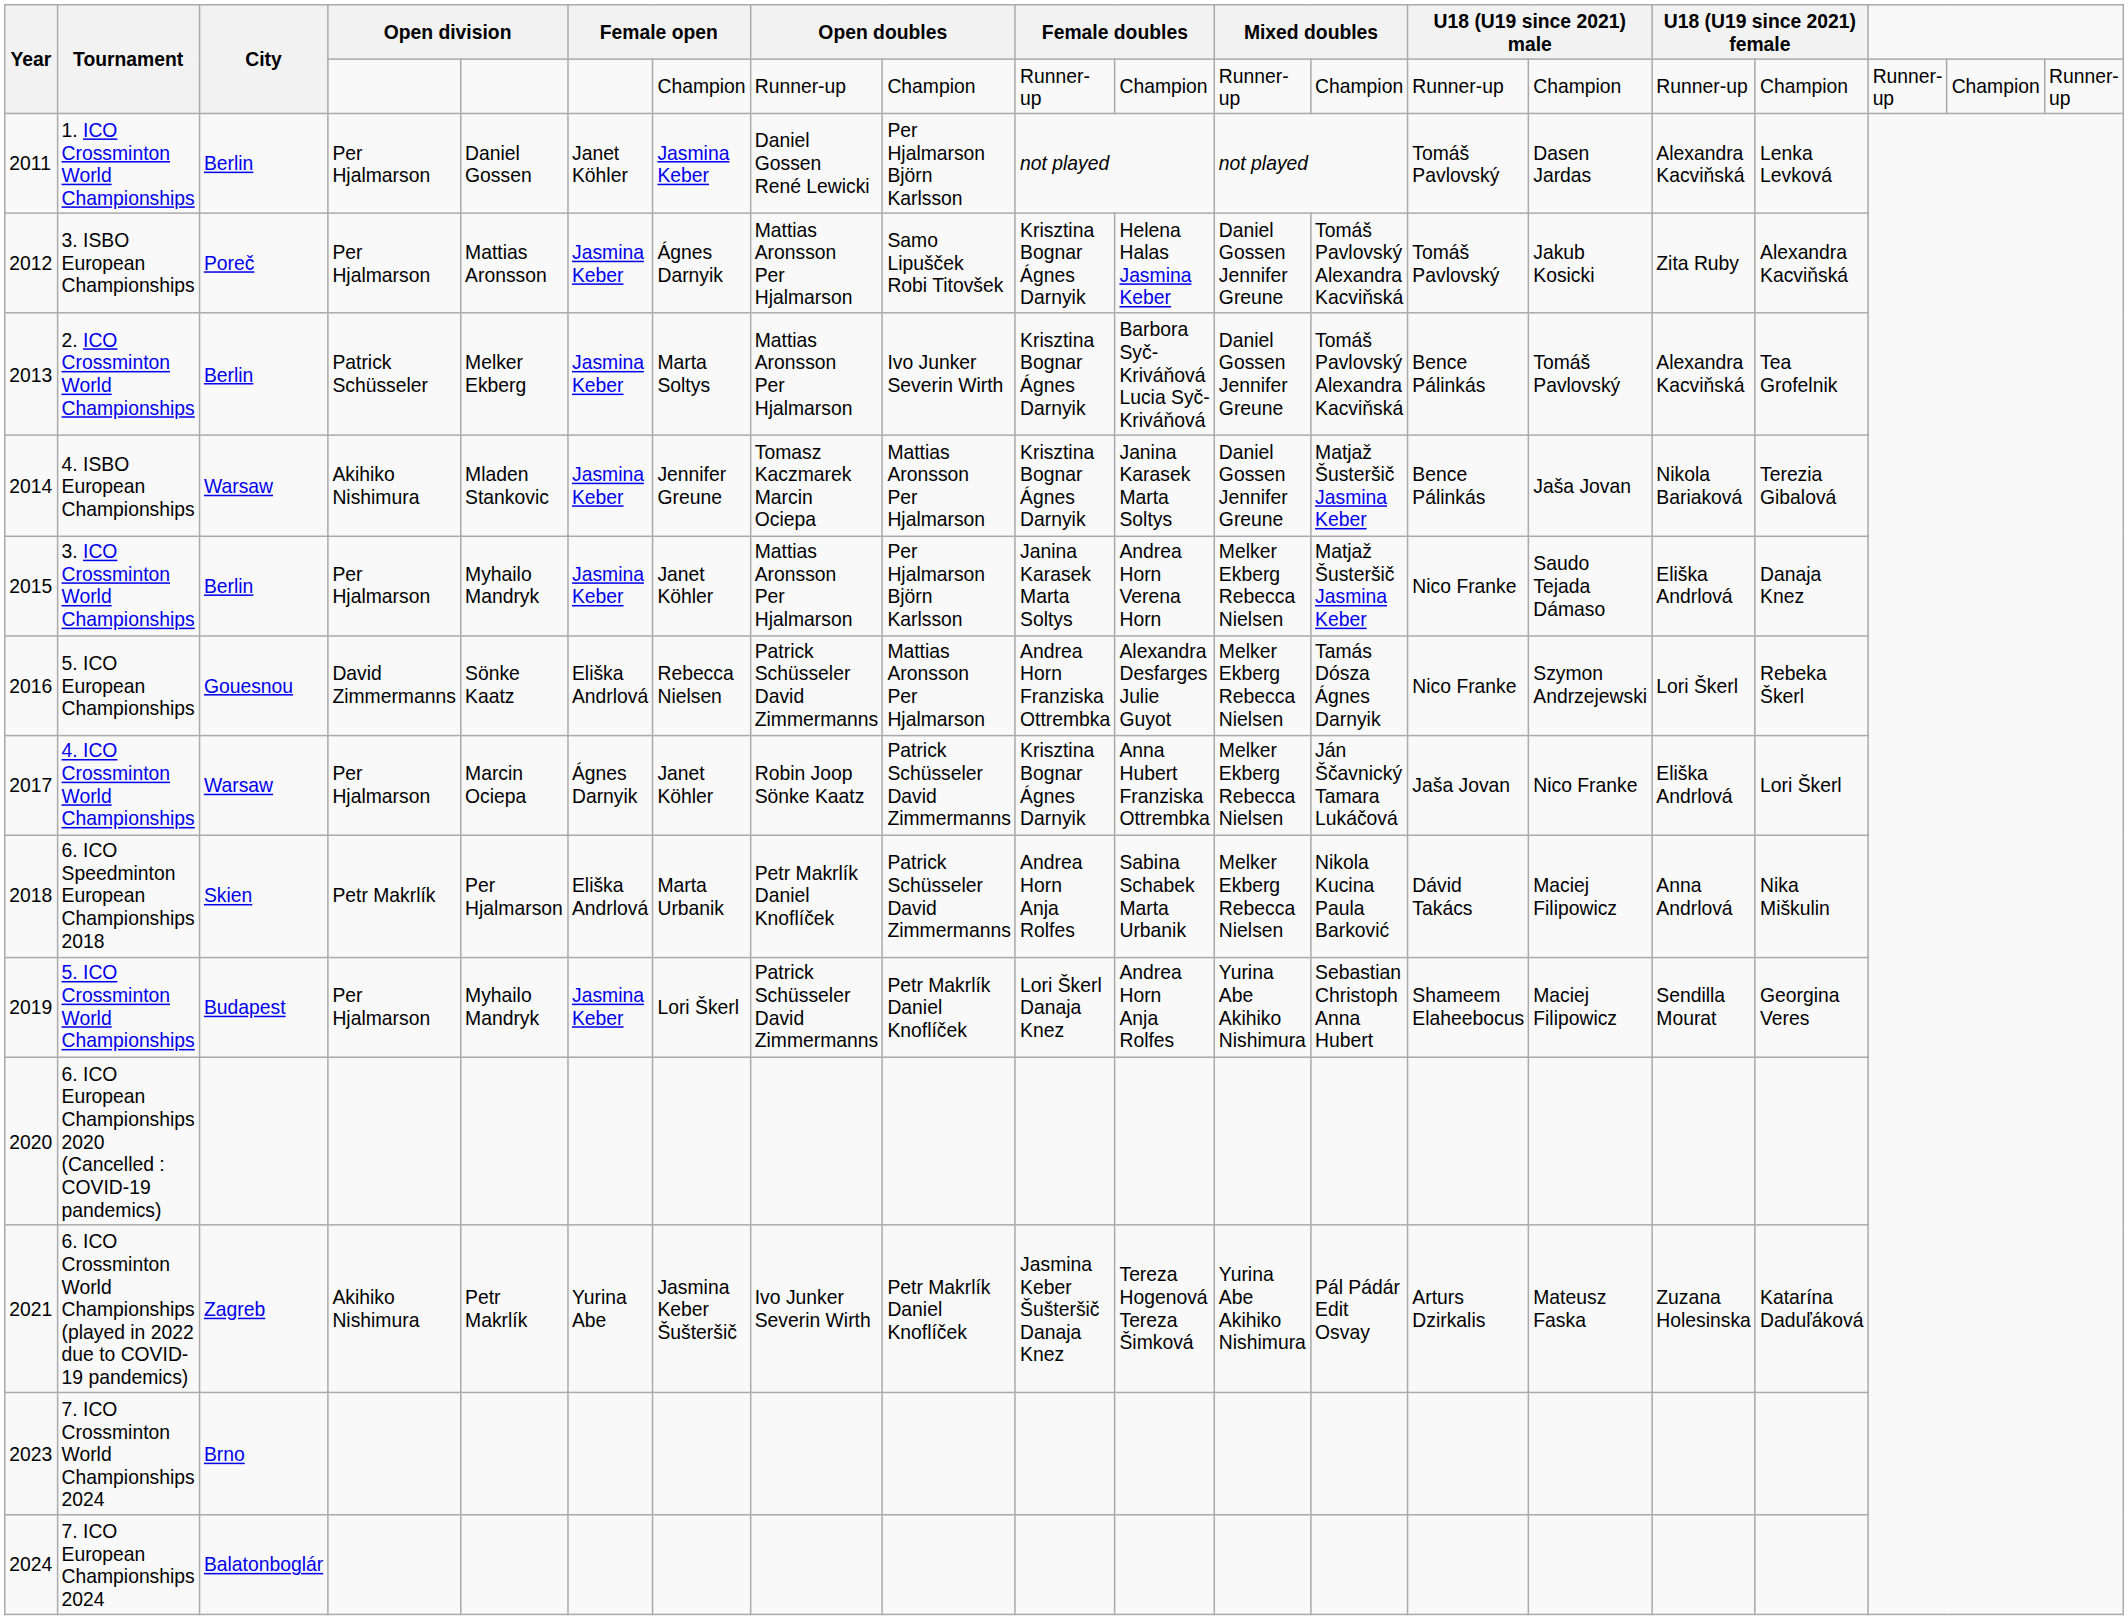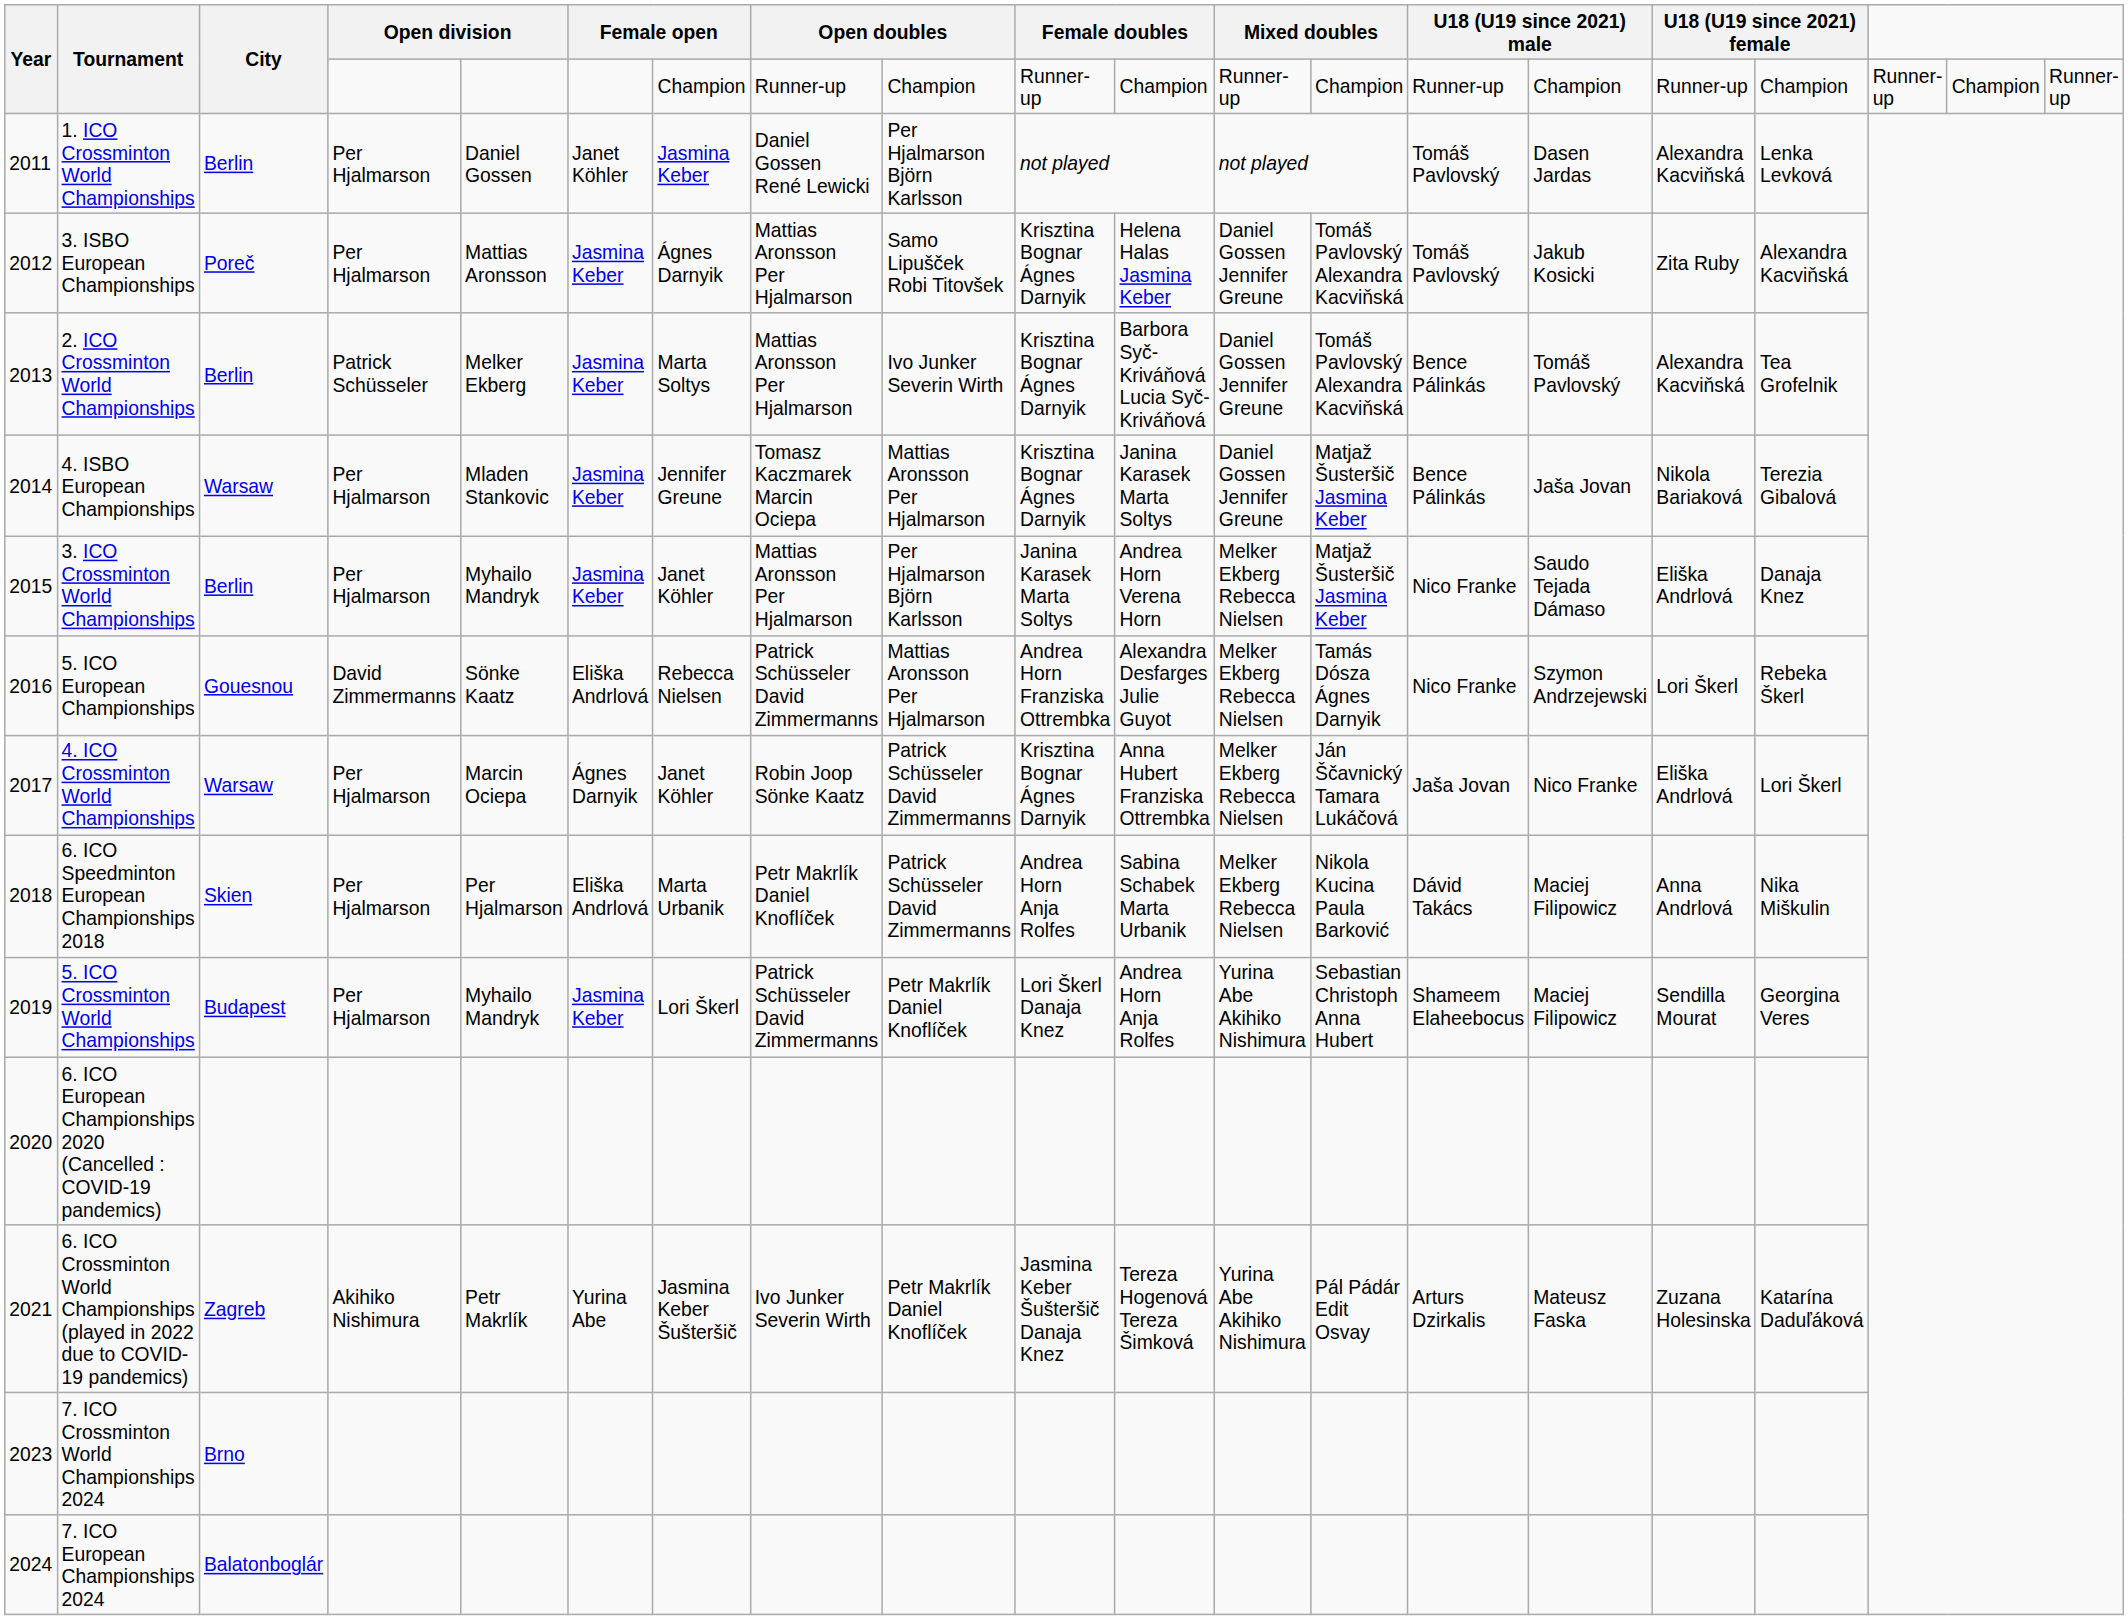 <table class="wikitable sortable" style="font-size:80%;">
 <tr>
 <th rowspan="2">Year</th>
 <th rowspan="2">Tournament</th>
 <th rowspan="2">City</th>
 <th colspan="2">Open division</th>
 <th colspan="2">Female open</th>
 <th colspan="2">Open doubles</th>
 <th colspan="2">Female doubles</th>
 <th colspan="2">Mixed doubles</th>
 <th colspan="2">U18 (U19 since 2021) male</th>
 <th colspan="2">U18 (U19 since 2021) female</th>
 </tr>
 <tr>
 <td></td>
 <td></td>
 <td></td>
 <td>Champion</td>
 <td>Runner-up</td>
 <td>Champion</td>
 <td>Runner-up</td>
 <td>Champion</td>
 <td>Runner-up</td>
 <td>Champion</td>
 <td>Runner-up</td>
 <td>Champion</td>
 <td>Runner-up</td>
 <td>Champion</td>
 <td>Runner-up</td>
 <td>Champion</td>
 <td>Runner-up</td>
 </tr>
 <tr>
 <td>2011</td>
 <td>1. <a href='#'>ICO Crossminton World Championships</a></td>
 <td> <a href='#'>Berlin</a></td>
 <td> Per Hjalmarson</td>
 <td> Daniel Gossen</td>
 <td> Janet Köhler</td>
 <td> <a href='#'>Jasmina Keber</a></td>
 <td> Daniel Gossen<br> René Lewicki</td>
 <td> Per Hjalmarson<br> Björn Karlsson</td>
 <td colspan="2"><em>not played</em></td>
 <td colspan="2"><em>not played</em></td>
 <td> Tomáš Pavlovský</td>
 <td> Dasen Jardas</td>
 <td> Alexandra Kacviňská</td>
 <td> Lenka Levková</td>
 </tr>
 <tr>
 <td>2012</td>
 <td>3. ISBO European Championships</td>
 <td> <a href='#'>Poreč</a></td>
 <td> Per Hjalmarson</td>
 <td> Mattias Aronsson</td>
 <td> <a href='#'>Jasmina Keber</a></td>
 <td> Ágnes Darnyik</td>
 <td> Mattias Aronsson<br> Per Hjalmarson</td>
 <td> Samo Lipušček<br> Robi Titovšek</td>
 <td> Krisztina Bognar<br> Ágnes Darnyik</td>
 <td> Helena Halas<br> <a href='#'>Jasmina Keber</a></td>
 <td> Daniel Gossen<br> Jennifer Greune</td>
 <td> Tomáš Pavlovský<br> Alexandra Kacviňská</td>
 <td> Tomáš Pavlovský</td>
 <td> Jakub Kosicki</td>
 <td> Zita Ruby</td>
 <td> Alexandra Kacviňská</td>
 </tr>
 <tr>
 <td>2013</td>
 <td>2. <a href='#'>ICO Crossminton World Championships</a></td>
 <td> <a href='#'>Berlin</a></td>
 <td> Patrick Schüsseler</td>
 <td> Melker Ekberg</td>
 <td> <a href='#'>Jasmina Keber</a></td>
 <td> Marta Soltys</td>
 <td> Mattias Aronsson<br> Per Hjalmarson</td>
 <td> Ivo Junker<br> Severin Wirth</td>
 <td> Krisztina Bognar<br> Ágnes Darnyik</td>
 <td> Barbora Syč-Kriváňová<br> Lucia Syč-Kriváňová</td>
 <td> Daniel Gossen<br> Jennifer Greune</td>
 <td> Tomáš Pavlovský<br> Alexandra Kacviňská</td>
 <td> Bence Pálinkás</td>
 <td> Tomáš Pavlovský</td>
 <td> Alexandra Kacviňská</td>
 <td> Tea Grofelnik</td>
 </tr>
 <tr>
 <td>2014</td>
 <td>4. ISBO European Championships</td>
 <td> <a href='#'>Warsaw</a></td>
-<td> Akihiko Nishimura</td>
+<td> Per Hjalmarson</td>
 <td> Mladen Stankovic</td>
 <td> <a href='#'>Jasmina Keber</a></td>
 <td> Jennifer Greune</td>
 <td> Tomasz Kaczmarek<br> Marcin Ociepa</td>
 <td> Mattias Aronsson<br> Per Hjalmarson</td>
 <td> Krisztina Bognar<br> Ágnes Darnyik</td>
 <td> Janina Karasek<br> Marta Soltys</td>
 <td> Daniel Gossen<br> Jennifer Greune</td>
 <td> Matjaž Šusteršič<br> <a href='#'>Jasmina Keber</a></td>
 <td> Bence Pálinkás</td>
 <td> Jaša Jovan</td>
 <td> Nikola Bariaková</td>
 <td> Terezia Gibalová</td>
 </tr>
 <tr>
 <td>2015</td>
 <td>3. <a href='#'>ICO Crossminton World Championships</a></td>
 <td> <a href='#'>Berlin</a></td>
 <td> Per Hjalmarson</td>
 <td> Myhailo Mandryk</td>
 <td> <a href='#'>Jasmina Keber</a></td>
 <td> Janet Köhler</td>
 <td> Mattias Aronsson<br> Per Hjalmarson</td>
 <td> Per Hjalmarson<br> Björn Karlsson</td>
 <td> Janina Karasek<br> Marta Soltys</td>
 <td> Andrea Horn<br> Verena Horn</td>
 <td> Melker Ekberg<br> Rebecca Nielsen</td>
 <td> Matjaž Šusteršič<br> <a href='#'>Jasmina Keber</a></td>
 <td> Nico Franke</td>
 <td> Saudo Tejada Dámaso</td>
 <td> Eliška Andrlová</td>
 <td> Danaja Knez</td>
 </tr>
 <tr>
 <td>2016</td>
 <td>5. ICO European Championships</td>
 <td> <a href='#'>Gouesnou</a></td>
 <td> David Zimmermanns</td>
 <td> Sönke Kaatz</td>
 <td> Eliška Andrlová</td>
 <td> Rebecca Nielsen</td>
 <td> Patrick Schüsseler<br> David Zimmermanns</td>
 <td> Mattias Aronsson<br> Per Hjalmarson</td>
 <td> Andrea Horn<br> Franziska Ottrembka</td>
 <td> Alexandra Desfarges<br> Julie Guyot</td>
 <td> Melker Ekberg<br> Rebecca Nielsen</td>
 <td> Tamás Dósza<br> Ágnes Darnyik</td>
 <td> Nico Franke</td>
 <td> Szymon Andrzejewski</td>
 <td> Lori Škerl</td>
 <td> Rebeka Škerl</td>
 </tr>
 <tr>
 <td>2017</td>
 <td><a href='#'>4. ICO Crossminton World Championships</a></td>
 <td> <a href='#'>Warsaw</a></td>
 <td> Per Hjalmarson</td>
 <td> Marcin Ociepa</td>
 <td> Ágnes Darnyik</td>
 <td> Janet Köhler</td>
 <td> Robin Joop<br> Sönke Kaatz</td>
 <td> Patrick Schüsseler<br> David Zimmermanns</td>
 <td> Krisztina Bognar<br> Ágnes Darnyik</td>
 <td> Anna Hubert<br> Franziska Ottrembka</td>
 <td> Melker Ekberg<br> Rebecca Nielsen</td>
 <td> Ján Ščavnický<br> Tamara Lukáčová</td>
 <td> Jaša Jovan</td>
 <td> Nico Franke</td>
 <td> Eliška Andrlová</td>
 <td> Lori Škerl</td>
 </tr>
 <tr>
 <td>2018</td>
 <td>6. ICO Speedminton European Championships 2018</td>
 <td> <a href='#'>Skien</a></td>
-<td> Petr Makrlík</td>
+<td> Per Hjalmarson</td>
 <td> Per Hjalmarson</td>
 <td> Eliška Andrlová</td>
 <td> Marta Urbanik</td>
 <td> Petr Makrlík<br> Daniel Knoflíček</td>
 <td> Patrick Schüsseler<br> David Zimmermanns</td>
 <td> Andrea Horn<br> Anja Rolfes</td>
 <td> Sabina Schabek<br> Marta Urbanik</td>
 <td> Melker Ekberg<br> Rebecca Nielsen</td>
 <td> Nikola Kucina<br> Paula Barković</td>
 <td> Dávid Takács</td>
 <td> Maciej Filipowicz</td>
 <td> Anna Andrlová</td>
 <td> Nika Miškulin</td>
 </tr>
 <tr>
 <td>2019</td>
 <td><a href='#'>5. ICO Crossminton World Championships</a></td>
 <td> <a href='#'>Budapest</a></td>
 <td> Per Hjalmarson</td>
 <td> Myhailo Mandryk</td>
 <td> <a href='#'>Jasmina Keber</a></td>
 <td> Lori Škerl</td>
 <td> Patrick Schüsseler<br> David Zimmermanns</td>
 <td> Petr Makrlík<br> Daniel Knoflíček</td>
 <td> Lori Škerl<br> Danaja Knez</td>
 <td> Andrea Horn<br> Anja Rolfes</td>
 <td> Yurina Abe<br>  Akihiko Nishimura <br></td>
 <td> Sebastian Christoph  Anna Hubert</td>
 <td> Shameem Elaheebocus</td>
 <td> Maciej Filipowicz</td>
 <td> Sendilla Mourat</td>
 <td> Georgina Veres</td>
 </tr>
 <tr>
 <td>2020</td>
 <td>6. ICO European Championships 2020 (Cancelled : COVID-19 pandemics)</td>
 <td></td>
 <td></td>
 <td></td>
 <td></td>
 <td></td>
 <td></td>
 <td></td>
 <td></td>
 <td></td>
 <td></td>
 <td></td>
 <td></td>
 <td></td>
 <td></td>
 <td></td>
 </tr>
 <tr>
 <td>2021</td>
 <td>6. ICO Crossminton World Championships (played in 2022 due to COVID-19 pandemics)</td>
 <td> <a href='#'>Zagreb</a></td>
 <td> Akihiko Nishimura</td>
 <td> Petr Makrlík</td>
 <td> Yurina Abe</td>
 <td> Jasmina Keber Šušteršič</td>
 <td> Ivo Junker<br> Severin Wirth</td>
 <td> Petr Makrlík<br> Daniel Knoflíček</td>
 <td> Jasmina Keber Šušteršič<br> Danaja Knez</td>
 <td> Tereza Hogenová<br> Tereza Šimková</td>
 <td> Yurina Abe<br>  Akihiko Nishimura <br></td>
 <td> Pál Pádár<br> Edit Osvay</td>
 <td> Arturs Dzirkalis</td>
 <td> Mateusz Faska</td>
 <td> Zuzana Holesinska</td>
 <td> Katarína Daduľáková</td>
 </tr>
 <tr>
 <td>2023</td>
 <td>7. ICO Crossminton World Championships 2024</td>
 <td> <a href='#'>Brno</a></td>
 <td></td>
 <td></td>
 <td></td>
 <td></td>
 <td></td>
 <td></td>
 <td></td>
 <td></td>
 <td></td>
 <td></td>
 <td></td>
 <td></td>
 <td></td>
 <td></td>
 </tr>
 <tr>
 <td>2024</td>
 <td>7. ICO European Championships 2024</td>
 <td> <a href='#'>Balatonboglár</a></td>
 <td></td>
 <td></td>
 <td></td>
 <td></td>
 <td></td>
 <td></td>
 <td></td>
 <td></td>
 <td></td>
 <td></td>
 <td></td>
 <td></td>
 <td></td>
 <td></td>
 </tr>
 </table>
